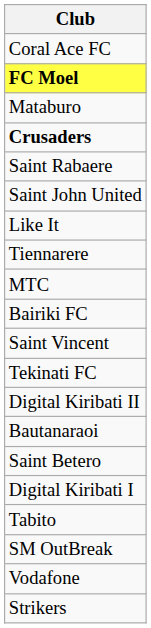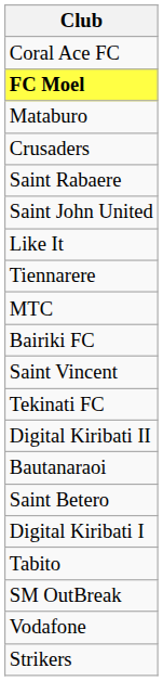 <table class="wikitable">
 <tr>
 <th>Club</th>
 </tr>
 <tr>
 <td>Coral Ace FC</td>
 </tr>
 <tr>
 <td bgcolor=#ffff44><strong>FC Moel</strong></td>
 </tr>
 <tr>
 <td>Mataburo</td>
 </tr>
 <tr>
-<td><strong>Crusaders</strong></td>
+<td>Crusaders</td>
 </tr>
 <tr>
 <td>Saint Rabaere</td>
 </tr>
 <tr>
 <td>Saint John United</td>
 </tr>
 <tr>
 <td>Like It</td>
 </tr>
 <tr>
 <td>Tiennarere</td>
 </tr>
 <tr>
 <td>MTC</td>
 </tr>
 <tr>
 <td>Bairiki FC</td>
 </tr>
 <tr>
 <td>Saint Vincent</td>
 </tr>
 <tr>
 <td>Tekinati FC</td>
 </tr>
 <tr>
 <td>Digital Kiribati II</td>
 </tr>
 <tr>
 <td>Bautanaraoi</td>
 </tr>
 <tr>
 <td>Saint Betero</td>
 </tr>
 <tr>
 <td>Digital Kiribati I</td>
 </tr>
 <tr>
 <td>Tabito</td>
 </tr>
 <tr>
 <td>SM OutBreak</td>
 </tr>
 <tr>
 <td>Vodafone</td>
 </tr>
 <tr>
 <td>Strikers</td>
 </tr>
 </table>
